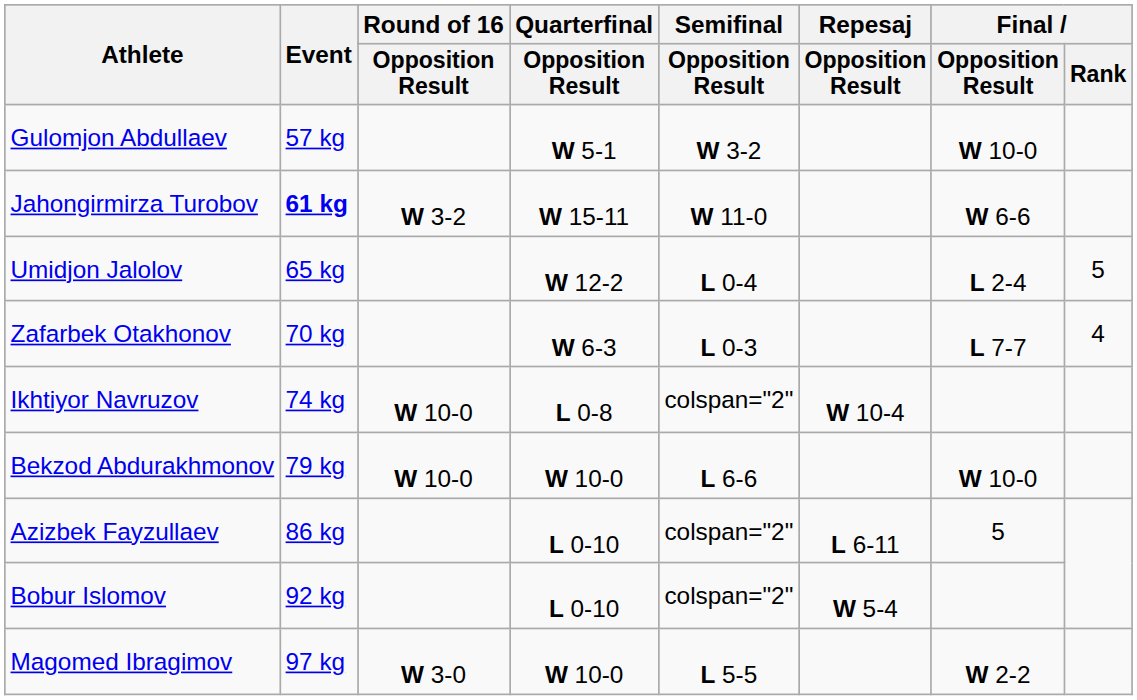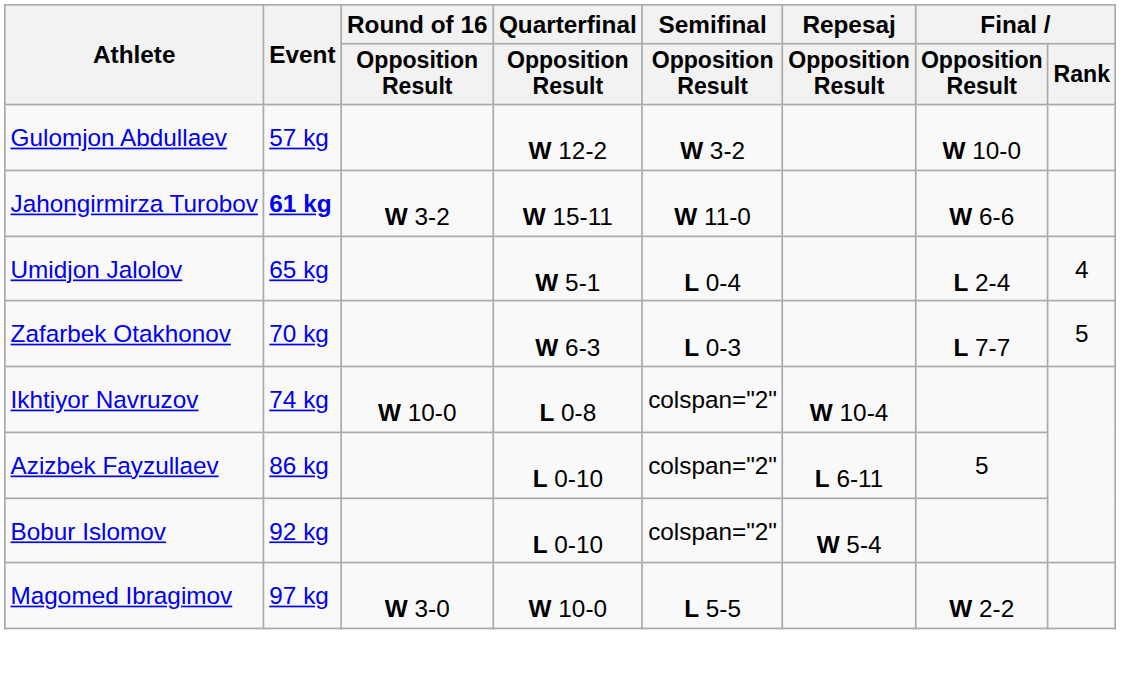 <table class=wikitable style=font-size:90%;text-align:center>
 <tr>
 <th rowspan=2>Athlete</th>
 <th rowspan=2>Event</th>
 <th>Round of 16</th>
 <th>Quarterfinal</th>
 <th>Semifinal</th>
 <th>Repesaj</th>
 <th colspan=2>Final / </th>
 </tr>
 <tr style=font-size:95%>
 <th>Opposition<br>Result</th>
 <th>Opposition<br>Result</th>
 <th>Opposition<br>Result</th>
 <th>Opposition<br>Result</th>
 <th>Opposition<br>Result</th>
 <th>Rank</th>
 </tr>
 <tr>
 <td align=left><a href='#'>Gulomjon Abdullaev</a></td>
 <td align=left><a href='#'>57 kg</a></td>
 <td></td>
-<td><br><strong>W</strong> 5-1</td>
+<td><br><strong>W</strong> 12-2</td>
 <td><br><strong>W</strong> 3-2</td>
 <td></td>
 <td><br><strong>W</strong> 10-0</td>
 <td></td>
 </tr>
 <tr>
 <td align=left><a href='#'>Jahongirmirza Turobov</a></td>
 <td align=left><strong><a href='#'>61 kg</a></strong></td>
 <td><br><strong>W</strong> 3-2</td>
 <td><br><strong>W</strong> 15-11</td>
 <td><br><strong>W</strong> 11-0</td>
 <td></td>
 <td><br><strong>W</strong> 6-6</td>
 <td></td>
 </tr>
 <tr>
 <td align=left><a href='#'>Umidjon Jalolov</a></td>
 <td align=left><a href='#'>65 kg</a></td>
 <td></td>
-<td><br><strong>W</strong> 12-2</td>
+<td><br><strong>W</strong> 5-1</td>
 <td><br><strong>L</strong> 0-4</td>
 <td></td>
 <td><br><strong>L</strong> 2-4</td>
-<td>5</td>
+<td>4</td>
 </tr>
 <tr>
 <td align=left><a href='#'>Zafarbek Otakhonov</a></td>
 <td align=left><a href='#'>70 kg</a></td>
 <td></td>
 <td><br><strong>W</strong> 6-3</td>
 <td><br><strong>L</strong> 0-3</td>
 <td></td>
 <td><br><strong>L</strong> 7-7</td>
-<td>4</td>
+<td>5</td>
 </tr>
 <tr>
 <td align=left><a href='#'>Ikhtiyor Navruzov</a></td>
 <td align=left><a href='#'>74 kg</a></td>
 <td><br><strong>W</strong> 10-0</td>
 <td><br><strong>L</strong> 0-8</td>
 <td>colspan="2" </td>
 <td><br><strong>W</strong> 10-4</td>
-<td></td>
-</tr>
-<tr>
-<td align=left><a href='#'>Bekzod Abdurakhmonov</a></td>
-<td align=left><a href='#'>79 kg</a></td>
-<td><br><strong>W</strong> 10-0</td>
-<td><br><strong>W</strong> 10-0</td>
-<td><br><strong>L</strong> 6-6</td>
-<td></td>
-<td><br><strong>W</strong> 10-0</td>
 <td></td>
 </tr>
 <tr>
 <td align=left><a href='#'>Azizbek Fayzullaev</a></td>
 <td align=left><a href='#'>86 kg</a></td>
 <td></td>
 <td><br><strong>L</strong> 0-10</td>
 <td>colspan="2" </td>
 <td><br><strong>L</strong> 6-11</td>
 <td>5</td>
 </tr>
 <tr>
 <td align=left><a href='#'>Bobur Islomov</a></td>
 <td align=left><a href='#'>92 kg</a></td>
 <td></td>
 <td><br><strong>L</strong> 0-10</td>
 <td>colspan="2" </td>
 <td><br><strong>W</strong> 5-4</td>
 <td></td>
 </tr>
 <tr>
 <td align=left><a href='#'>Magomed Ibragimov</a></td>
 <td align=left><a href='#'>97 kg</a></td>
 <td><br><strong>W</strong> 3-0</td>
 <td><br><strong>W</strong> 10-0</td>
 <td><br><strong>L</strong> 5-5</td>
 <td></td>
 <td><br><strong>W</strong> 2-2</td>
 <td></td>
 </tr>
 </table>
